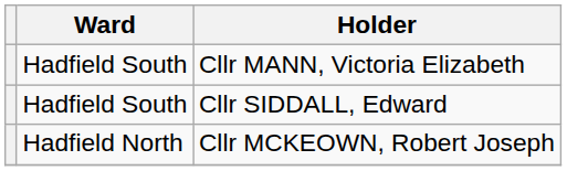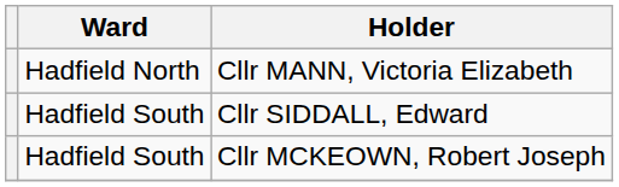 <table class="wikitable">
 <tr>
 <th></th>
 <th>Ward</th>
 <th>Holder</th>
 </tr>
 <tr>
 <th style="background-color: "></th>
-<td>Hadfield South</td>
+<td>Hadfield North</td>
 <td>Cllr MANN, Victoria Elizabeth</td>
 </tr>
 <tr>
 <th style="background-color: "></th>
 <td>Hadfield South</td>
 <td>Cllr SIDDALL, Edward</td>
 </tr>
 <tr>
 <th style="background-color: "></th>
-<td>Hadfield North</td>
+<td>Hadfield South</td>
 <td>Cllr MCKEOWN, Robert Joseph</td>
 </tr>
 <tr>
 </tr>
 </table>
